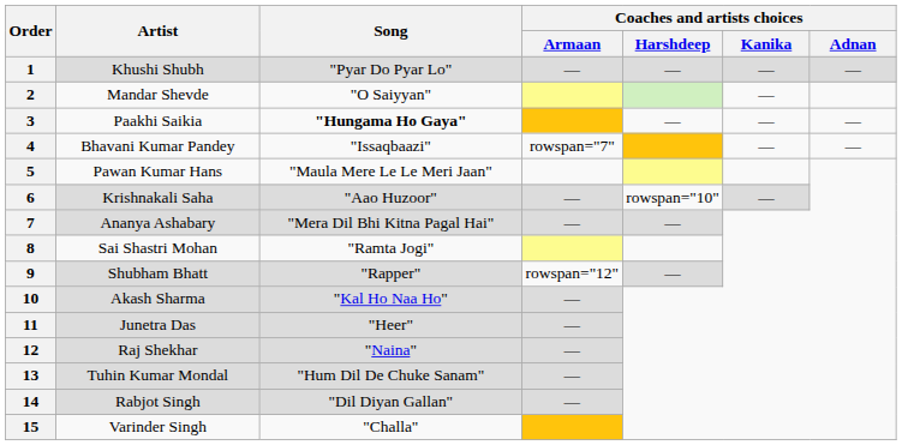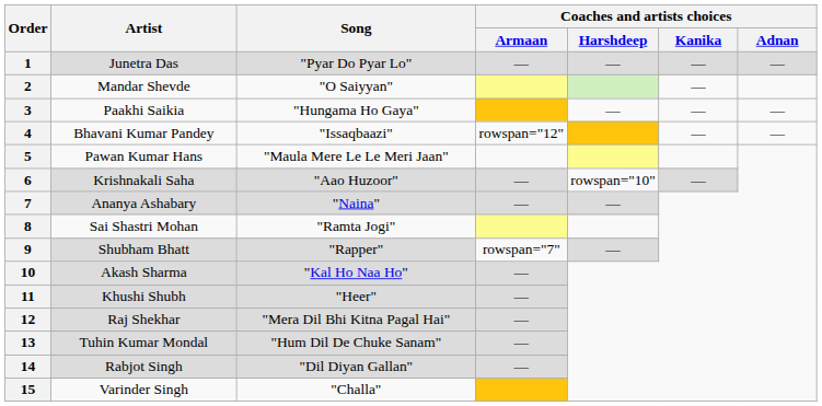 <table class="wikitable" style="text-align:center; width:100%;">
 <tr>
 <th scope="col" rowspan="2" style="width:05%;">Order</th>
 <th scope="col" rowspan="2" style="width:24%;">Artist</th>
 <th scope="col" rowspan="2" style="width:31%;">Song</th>
 <th colspan="4" style="width:40%;">Coaches and artists choices</th>
 </tr>
 <tr>
 <th style="width:10%;"><a href='#'>Armaan</a></th>
 <th style="width:10%;"><a href='#'>Harshdeep</a></th>
 <th style="width:10%;"><a href='#'>Kanika</a></th>
 <th style="width:10%;"><a href='#'>Adnan</a></th>
 </tr>
 <tr>
 <th>1</th>
-<td style="background-color:#DCDCDC;">Khushi Shubh</td>
+<td style="background-color:#DCDCDC;">Junetra Das</td>
 <td style="background-color:#DCDCDC;">"Pyar Do Pyar Lo"</td>
 <td style="background-color:#DCDCDC;">—</td>
 <td style="background-color:#DCDCDC;">—</td>
 <td style="background-color:#DCDCDC;">—</td>
 <td style="background-color:#DCDCDC;">—</td>
 </tr>
 <tr>
 <th>2</th>
 <td>Mandar Shevde</td>
 <td>"O Saiyyan"</td>
 <td style="background-color:#FDFC8F;"> <strong></strong> </td>
 <td style="background-color:#d0f0c0;"> <strong></strong> </td>
 <td>—</td>
 <td> <strong></strong> </td>
 </tr>
 <tr>
 <th>3</th>
 <td>Paakhi Saikia</td>
-<td><strong>"Hungama Ho Gaya"</strong></td>
+<td>"Hungama Ho Gaya"</td>
 <td style="background-color:#FFC40C;"> <strong></strong> </td>
 <td>—</td>
 <td>—</td>
 <td>—</td>
 </tr>
 <tr>
 <th>4</th>
 <td>Bhavani Kumar Pandey</td>
 <td>"Issaqbaazi"</td>
-<td>rowspan="7" </td>
+<td>rowspan="12" </td>
 <td style="background-color:#FFC40C;"> <strong></strong> </td>
 <td>—</td>
 <td>—</td>
 </tr>
 <tr>
 <th>5</th>
 <td>Pawan Kumar Hans</td>
 <td>"Maula Mere Le Le Meri Jaan"</td>
 <td> <strong></strong> </td>
 <td style="background-color:#FDFC8F;"> <strong></strong> </td>
 <td> <strong></strong> </td>
 </tr>
 <tr>
 <th>6</th>
 <td style="background-color:#DCDCDC;">Krishnakali Saha</td>
 <td style="background-color:#DCDCDC;">"Aao Huzoor"</td>
 <td style="background-color:#DCDCDC;">—</td>
 <td>rowspan="10" </td>
 <td style="background-color:#DCDCDC;">—</td>
 </tr>
 <tr>
 <th>7</th>
 <td style="background-color:#DCDCDC;">Ananya Ashabary</td>
-<td style="background-color:#DCDCDC;">"Mera Dil Bhi Kitna Pagal Hai"</td>
+<td style="background-color:#DCDCDC;">"<a href='#'>Naina</a>"</td>
 <td style="background-color:#DCDCDC;">—</td>
 <td style="background-color:#DCDCDC;">—</td>
 </tr>
 <tr>
 <th>8</th>
 <td>Sai Shastri Mohan</td>
 <td>"Ramta Jogi"</td>
 <td style="background-color:#FDFC8F;"> <strong></strong> </td>
 <td> <strong></strong> </td>
 </tr>
 <tr>
 <th>9</th>
 <td style="background-color:#DCDCDC;">Shubham Bhatt</td>
 <td style="background-color:#DCDCDC;">"Rapper"</td>
-<td>rowspan="12" </td>
+<td>rowspan="7" </td>
 <td style="background-color:#DCDCDC;">—</td>
 </tr>
 <tr>
 <th>10</th>
 <td style="background-color:#DCDCDC;">Akash Sharma</td>
 <td style="background-color:#DCDCDC;">"<a href='#'>Kal Ho Naa Ho</a>"</td>
 <td style="background-color:#DCDCDC;">—</td>
 </tr>
 <tr>
 <th>11</th>
-<td style="background-color:#DCDCDC;">Junetra Das</td>
+<td style="background-color:#DCDCDC;">Khushi Shubh</td>
 <td style="background-color:#DCDCDC;">"Heer"</td>
 <td style="background-color:#DCDCDC;">—</td>
 </tr>
 <tr>
 <th>12</th>
 <td style="background-color:#DCDCDC;">Raj Shekhar</td>
-<td style="background-color:#DCDCDC;">"<a href='#'>Naina</a>"</td>
+<td style="background-color:#DCDCDC;">"Mera Dil Bhi Kitna Pagal Hai"</td>
 <td style="background-color:#DCDCDC;">—</td>
 </tr>
 <tr>
 <th>13</th>
 <td style="background-color:#DCDCDC;">Tuhin Kumar Mondal</td>
 <td style="background-color:#DCDCDC;">"Hum Dil De Chuke Sanam"</td>
 <td style="background-color:#DCDCDC;">—</td>
 </tr>
 <tr>
 <th>14</th>
 <td style="background-color:#DCDCDC;">Rabjot Singh</td>
 <td style="background-color:#DCDCDC;">"Dil Diyan Gallan"</td>
 <td style="background-color:#DCDCDC;">—</td>
 </tr>
 <tr>
 <th>15</th>
 <td>Varinder Singh</td>
 <td>"Challa"</td>
 <td style="background-color:#FFC40C;"> <strong></strong> </td>
 </tr>
 </table>
